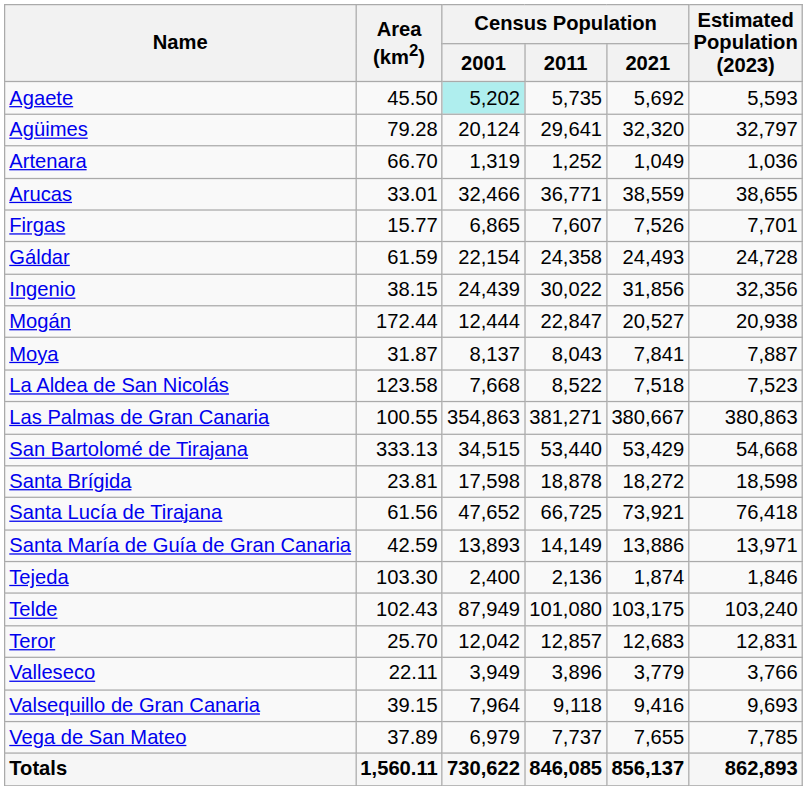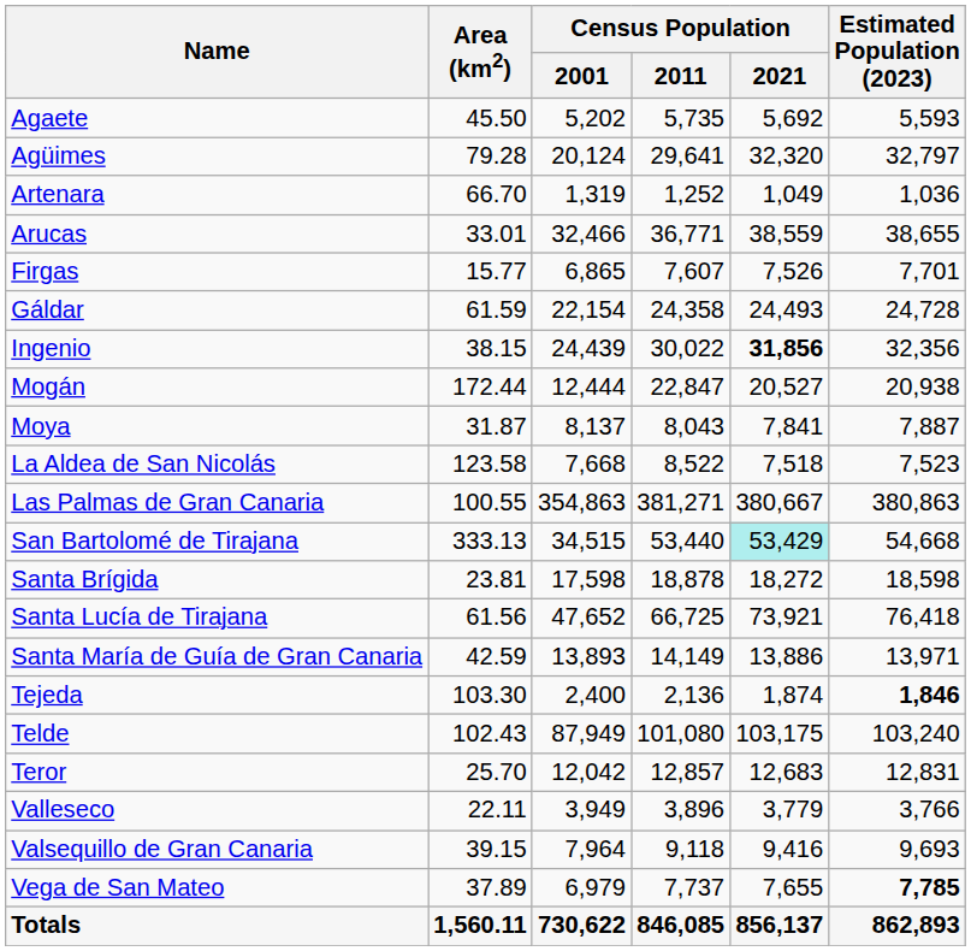 <table class="wikitable sortable">
 <tr>
 <th rowspan="2">Name</th>
 <th rowspan="2">Area<br>(km<sup>2</sup>)</th>
 <th colspan="3">Census Population</th>
 <th rowspan="2">Estimated<br>Population<br>(2023)</th>
 </tr>
 <tr>
 <th>2001</th>
 <th>2011</th>
 <th>2021</th>
 </tr>
 <tr>
 <td><a href='#'>Agaete</a></td>
 <td align="right">45.50</td>
-<td align="right" style="background: paleturquoise;">5,202</td>
+<td align="right">5,202</td>
 <td align="right">5,735</td>
 <td align="right">5,692</td>
 <td align="right">5,593</td>
 </tr>
 <tr>
 <td><a href='#'>Agüimes</a></td>
 <td align="right">79.28</td>
 <td align="right">20,124</td>
 <td align="right">29,641</td>
 <td align="right">32,320</td>
 <td align="right">32,797</td>
 </tr>
 <tr>
 <td><a href='#'>Artenara</a></td>
 <td align="right">66.70</td>
 <td align="right">1,319</td>
 <td align="right">1,252</td>
 <td align="right">1,049</td>
 <td align="right">1,036</td>
 </tr>
 <tr>
 <td><a href='#'>Arucas</a></td>
 <td align="right">33.01</td>
 <td align="right">32,466</td>
 <td align="right">36,771</td>
 <td align="right">38,559</td>
 <td align="right">38,655</td>
 </tr>
 <tr>
 <td><a href='#'>Firgas</a></td>
 <td align="right">15.77</td>
 <td align="right">6,865</td>
 <td align="right">7,607</td>
 <td align="right">7,526</td>
 <td align="right">7,701</td>
 </tr>
 <tr>
 <td><a href='#'>Gáldar</a></td>
 <td align="right">61.59</td>
 <td align="right">22,154</td>
 <td align="right">24,358</td>
 <td align="right">24,493</td>
 <td align="right">24,728</td>
 </tr>
 <tr>
 <td><a href='#'>Ingenio</a></td>
 <td align="right">38.15</td>
 <td align="right">24,439</td>
 <td align="right">30,022</td>
-<td align="right">31,856</td>
+<td align="right"><strong>31,856</strong></td>
 <td align="right">32,356</td>
 </tr>
 <tr>
 <td><a href='#'>Mogán</a></td>
 <td align="right">172.44</td>
 <td align="right">12,444</td>
 <td align="right">22,847</td>
 <td align="right">20,527</td>
 <td align="right">20,938</td>
 </tr>
 <tr>
 <td><a href='#'>Moya</a></td>
 <td align="right">31.87</td>
 <td align="right">8,137</td>
 <td align="right">8,043</td>
 <td align="right">7,841</td>
 <td align="right">7,887</td>
 </tr>
 <tr>
 <td><a href='#'>La Aldea de San Nicolás</a></td>
 <td align="right">123.58</td>
 <td align="right">7,668</td>
 <td align="right">8,522</td>
 <td align="right">7,518</td>
 <td align="right">7,523</td>
 </tr>
 <tr>
 <td><a href='#'>Las Palmas de Gran Canaria</a></td>
 <td align="right">100.55</td>
 <td align="right">354,863</td>
 <td align="right">381,271</td>
 <td align="right">380,667</td>
 <td align="right">380,863</td>
 </tr>
 <tr>
 <td><a href='#'>San Bartolomé de Tirajana</a></td>
 <td align="right">333.13</td>
 <td align="right">34,515</td>
 <td align="right">53,440</td>
-<td align="right">53,429</td>
+<td align="right" style="background: paleturquoise;">53,429</td>
 <td align="right">54,668</td>
 </tr>
 <tr>
 <td><a href='#'>Santa Brígida</a></td>
 <td align="right">23.81</td>
 <td align="right">17,598</td>
 <td align="right">18,878</td>
 <td align="right">18,272</td>
 <td align="right">18,598</td>
 </tr>
 <tr>
 <td><a href='#'>Santa Lucía de Tirajana</a></td>
 <td align="right">61.56</td>
 <td align="right">47,652</td>
 <td align="right">66,725</td>
 <td align="right">73,921</td>
 <td align="right">76,418</td>
 </tr>
 <tr>
 <td><a href='#'>Santa María de Guía de Gran Canaria</a></td>
 <td align="right">42.59</td>
 <td align="right">13,893</td>
 <td align="right">14,149</td>
 <td align="right">13,886</td>
 <td align="right">13,971</td>
 </tr>
 <tr>
 <td><a href='#'>Tejeda</a></td>
 <td align="right">103.30</td>
 <td align="right">2,400</td>
 <td align="right">2,136</td>
 <td align="right">1,874</td>
-<td align="right">1,846</td>
+<td align="right"><strong>1,846</strong></td>
 </tr>
 <tr>
 <td><a href='#'>Telde</a></td>
 <td align="right">102.43</td>
 <td align="right">87,949</td>
 <td align="right">101,080</td>
 <td align="right">103,175</td>
 <td align="right">103,240</td>
 </tr>
 <tr>
 <td><a href='#'>Teror</a></td>
 <td align="right">25.70</td>
 <td align="right">12,042</td>
 <td align="right">12,857</td>
 <td align="right">12,683</td>
 <td align="right">12,831</td>
 </tr>
 <tr>
 <td><a href='#'>Valleseco</a></td>
 <td align="right">22.11</td>
 <td align="right">3,949</td>
 <td align="right">3,896</td>
 <td align="right">3,779</td>
 <td align="right">3,766</td>
 </tr>
 <tr>
 <td><a href='#'>Valsequillo de Gran Canaria</a></td>
 <td align="right">39.15</td>
 <td align="right">7,964</td>
 <td align="right">9,118</td>
 <td align="right">9,416</td>
 <td align="right">9,693</td>
 </tr>
 <tr>
 <td><a href='#'>Vega de San Mateo</a></td>
 <td align="right">37.89</td>
 <td align="right">6,979</td>
 <td align="right">7,737</td>
 <td align="right">7,655</td>
-<td align="right">7,785</td>
+<td align="right"><strong>7,785</strong></td>
 </tr>
 <tr style="background-color:#F6F6F6; font-weight:bold;">
 <td>Totals</td>
 <td align="right">1,560.11</td>
 <td align="right">730,622</td>
 <td align="right">846,085</td>
 <td align="right">856,137</td>
 <td align="right">862,893</td>
 </tr>
 </table>
